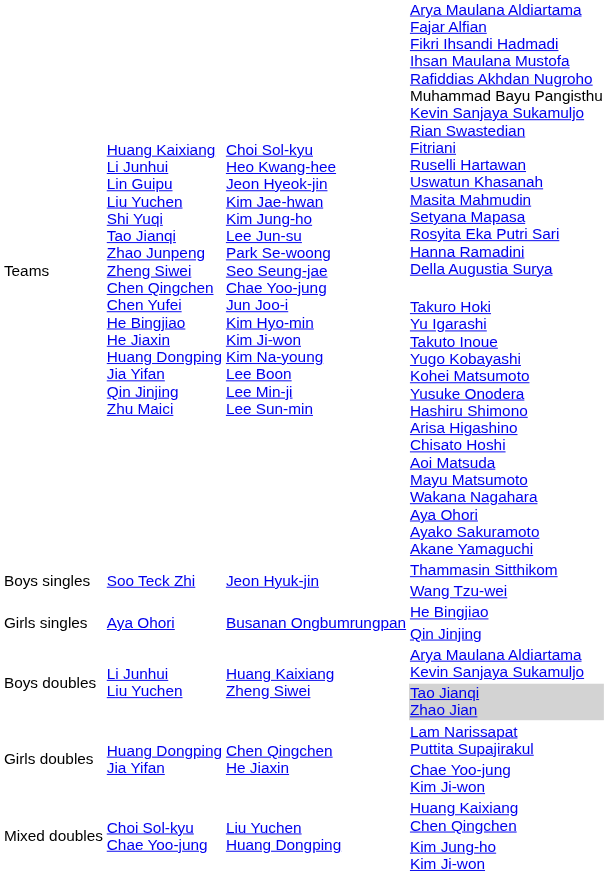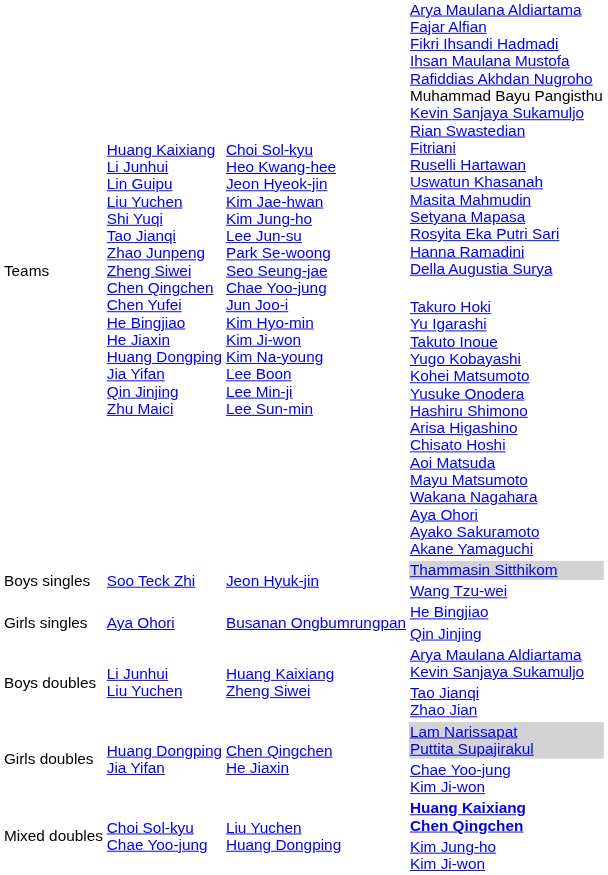 <table>
 <tr>
 <td rowspan=2>Teams<br></td>
 <td rowspan=2><br><a href='#'>Huang Kaixiang</a><br><a href='#'>Li Junhui</a><br><a href='#'>Lin Guipu</a><br><a href='#'>Liu Yuchen</a><br><a href='#'>Shi Yuqi</a><br><a href='#'>Tao Jianqi</a><br><a href='#'>Zhao Junpeng</a><br><a href='#'>Zheng Siwei</a><br><a href='#'>Chen Qingchen</a><br><a href='#'>Chen Yufei</a><br><a href='#'>He Bingjiao</a><br><a href='#'>He Jiaxin</a><br><a href='#'>Huang Dongping</a><br><a href='#'>Jia Yifan</a><br><a href='#'>Qin Jinjing</a><br><a href='#'>Zhu Maici</a></td>
 <td rowspan=2><br><a href='#'>Choi Sol-kyu</a><br><a href='#'>Heo Kwang-hee</a><br><a href='#'>Jeon Hyeok-jin</a><br><a href='#'>Kim Jae-hwan</a><br><a href='#'>Kim Jung-ho</a><br><a href='#'>Lee Jun-su</a><br><a href='#'>Park Se-woong</a><br><a href='#'>Seo Seung-jae</a><br><a href='#'>Chae Yoo-jung</a><br><a href='#'>Jun Joo-i</a><br><a href='#'>Kim Hyo-min</a><br><a href='#'>Kim Ji-won</a><br><a href='#'>Kim Na-young</a><br><a href='#'>Lee Boon</a><br><a href='#'>Lee Min-ji</a><br><a href='#'>Lee Sun-min</a></td>
 <td><br><a href='#'>Arya Maulana Aldiartama</a><br><a href='#'>Fajar Alfian</a><br><a href='#'>Fikri Ihsandi Hadmadi</a><br><a href='#'>Ihsan Maulana Mustofa</a><br><a href='#'>Rafiddias Akhdan Nugroho</a><br>Muhammad Bayu Pangisthu<br><a href='#'>Kevin Sanjaya Sukamuljo</a><br><a href='#'>Rian Swastedian</a><br><a href='#'>Fitriani</a><br><a href='#'>Ruselli Hartawan</a><br><a href='#'>Uswatun Khasanah</a><br><a href='#'>Masita Mahmudin</a><br><a href='#'>Setyana Mapasa</a><br><a href='#'>Rosyita Eka Putri Sari</a><br><a href='#'>Hanna Ramadini</a><br><a href='#'>Della Augustia Surya</a></td>
 </tr>
 <tr>
 <td><br><a href='#'>Takuro Hoki</a><br><a href='#'>Yu Igarashi</a><br><a href='#'>Takuto Inoue</a><br><a href='#'>Yugo Kobayashi</a><br><a href='#'>Kohei Matsumoto</a><br><a href='#'>Yusuke Onodera</a><br><a href='#'>Hashiru Shimono</a><br><a href='#'>Arisa Higashino</a><br><a href='#'>Chisato Hoshi</a><br><a href='#'>Aoi Matsuda</a><br><a href='#'>Mayu Matsumoto</a><br><a href='#'>Wakana Nagahara</a><br><a href='#'>Aya Ohori</a><br><a href='#'>Ayako Sakuramoto</a><br><a href='#'>Akane Yamaguchi</a></td>
 </tr>
 <tr>
 <td rowspan=2>Boys singles<br></td>
 <td rowspan=2> <a href='#'>Soo Teck Zhi</a></td>
 <td rowspan=2> <a href='#'>Jeon Hyuk-jin</a></td>
-<td> <a href='#'>Thammasin Sitthikom</a></td>
+<td style="background: lightgrey;"> <a href='#'>Thammasin Sitthikom</a></td>
 </tr>
 <tr>
 <td> <a href='#'>Wang Tzu-wei</a></td>
 </tr>
 <tr>
 <td rowspan=2>Girls singles<br></td>
 <td rowspan=2> <a href='#'>Aya Ohori</a></td>
 <td rowspan=2> <a href='#'>Busanan Ongbumrungpan</a></td>
 <td> <a href='#'>He Bingjiao</a></td>
 </tr>
 <tr>
 <td> <a href='#'>Qin Jinjing</a></td>
 </tr>
 <tr>
 <td rowspan=2>Boys doubles<br></td>
 <td rowspan=2> <a href='#'>Li Junhui</a><br>  <a href='#'>Liu Yuchen</a></td>
 <td rowspan=2> <a href='#'>Huang Kaixiang</a><br>  <a href='#'>Zheng Siwei</a></td>
 <td> <a href='#'>Arya Maulana Aldiartama</a><br>  <a href='#'>Kevin Sanjaya Sukamuljo</a></td>
 </tr>
 <tr>
-<td style="background: lightgrey;"> <a href='#'>Tao Jianqi</a><br>  <a href='#'>Zhao Jian</a></td>
+<td> <a href='#'>Tao Jianqi</a><br>  <a href='#'>Zhao Jian</a></td>
 </tr>
 <tr>
 <td rowspan=2>Girls doubles<br></td>
 <td rowspan=2> <a href='#'>Huang Dongping</a><br>  <a href='#'>Jia Yifan</a></td>
 <td rowspan=2> <a href='#'>Chen Qingchen</a><br>  <a href='#'>He Jiaxin</a></td>
-<td> <a href='#'>Lam Narissapat</a><br>  <a href='#'>Puttita Supajirakul</a></td>
+<td style="background: lightgrey;"> <a href='#'>Lam Narissapat</a><br>  <a href='#'>Puttita Supajirakul</a></td>
 </tr>
 <tr>
 <td> <a href='#'>Chae Yoo-jung</a><br>  <a href='#'>Kim Ji-won</a></td>
 </tr>
 <tr>
 <td rowspan=2>Mixed doubles<br></td>
 <td rowspan=2> <a href='#'>Choi Sol-kyu</a><br>  <a href='#'>Chae Yoo-jung</a></td>
 <td rowspan=2> <a href='#'>Liu Yuchen</a><br>  <a href='#'>Huang Dongping</a></td>
-<td> <a href='#'>Huang Kaixiang</a><br>  <a href='#'>Chen Qingchen</a></td>
+<td><strong> <a href='#'>Huang Kaixiang</a><br>  <a href='#'>Chen Qingchen</a></strong></td>
 </tr>
 <tr>
 <td> <a href='#'>Kim Jung-ho</a><br>  <a href='#'>Kim Ji-won</a></td>
 </tr>
 </table>
